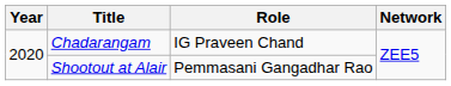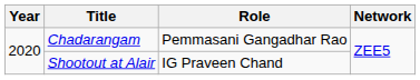 <table class="wikitable sortable">
 <tr>
 <th>Year</th>
 <th>Title</th>
 <th>Role</th>
 <th>Network</th>
 </tr>
 <tr>
 <td rowspan="2">2020</td>
 <td><em><a href='#'>Chadarangam</a></em></td>
-<td>IG Praveen Chand</td>
+<td>Pemmasani Gangadhar Rao</td>
 <td rowspan="2"><a href='#'>ZEE5</a></td>
 </tr>
 <tr>
 <td><em><a href='#'>Shootout at Alair</a></em></td>
-<td>Pemmasani Gangadhar Rao</td>
+<td>IG Praveen Chand</td>
 </tr>
 </table>
